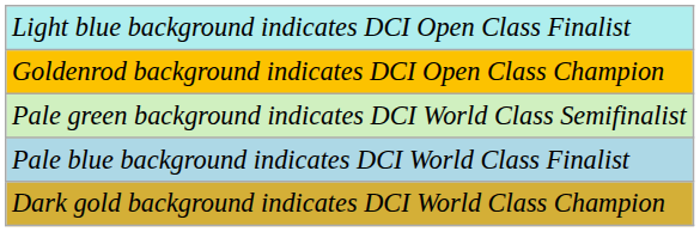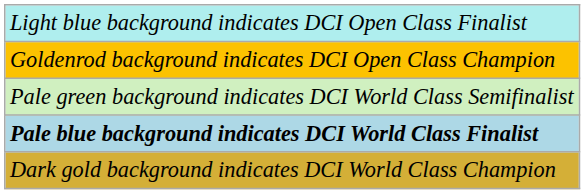 <table class="wikitable" style="font-size:95%;">
 <tr>
 <td style="background-color:#afeeee"><em>Light blue background indicates DCI Open Class Finalist</em></td>
 </tr>
 <tr>
 <td style="background-color:#fcc200"><em>Goldenrod background indicates DCI Open Class Champion</em></td>
 </tr>
 <tr>
 <td style="background-color:#d0f0c0"><em>Pale green background indicates DCI World Class Semifinalist</em></td>
 </tr>
 <tr>
-<td style="background-color:#add8e6"><em>Pale blue background indicates DCI World Class Finalist</em></td>
+<td style="background-color:#add8e6"><strong><em>Pale blue background indicates DCI World Class Finalist</em></strong></td>
 </tr>
 <tr>
 <td style="background-color:#d4af37"><em>Dark gold background indicates DCI World Class Champion</em></td>
 </tr>
 </table>
